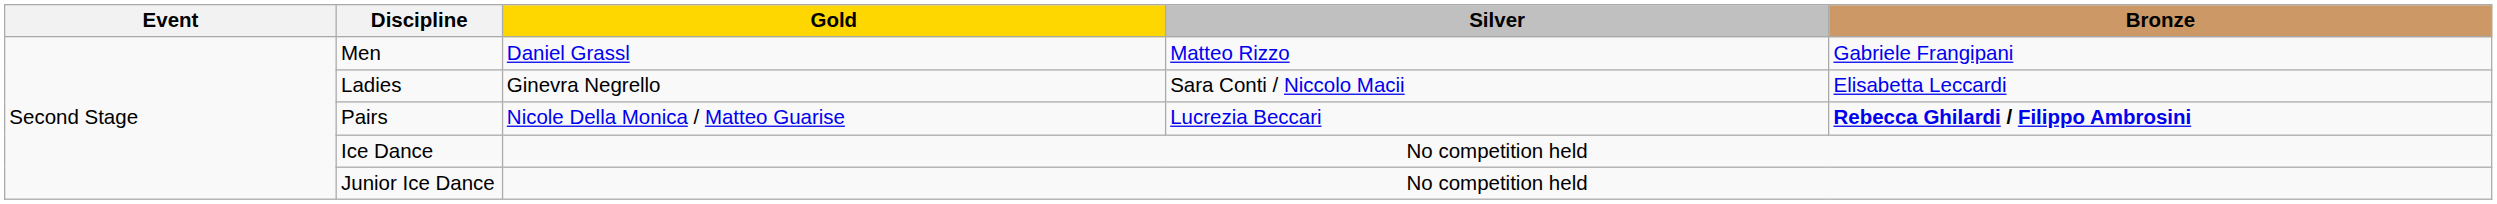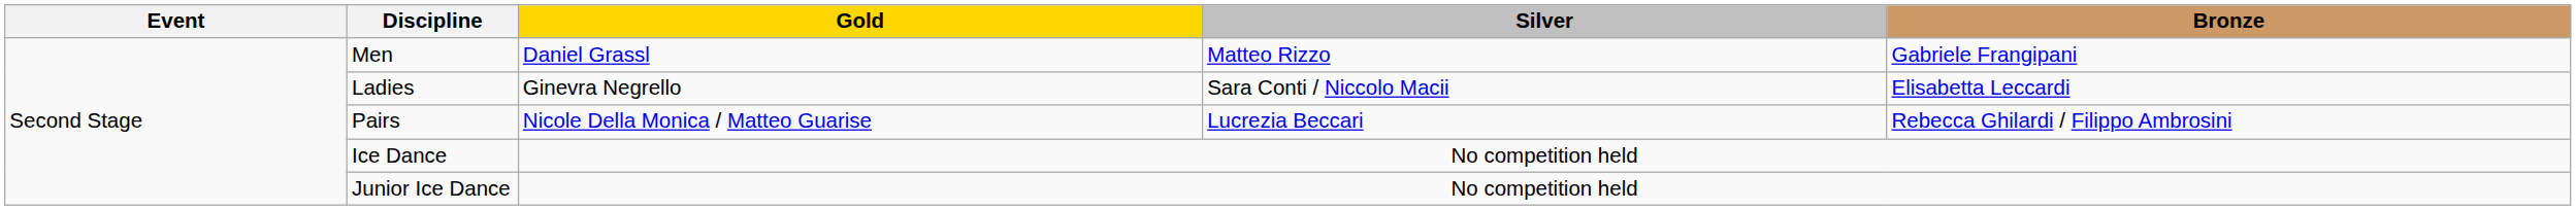 <table class="wikitable" style="width:98%;">
 <tr>
 <th style="width:10%;">Event</th>
 <th style="width:5%;">Discipline</th>
 <td style="text-align:center; width:20%; background:gold;"><strong>Gold</strong></td>
 <td style="text-align:center; width:20%; background:silver;"><strong>Silver</strong></td>
 <td style="text-align:center; width:20%; background:#c96;"><strong>Bronze</strong></td>
 </tr>
 <tr>
 <td rowspan="5">Second Stage</td>
 <td>Men</td>
 <td> <a href='#'>Daniel Grassl</a></td>
 <td> <a href='#'>Matteo Rizzo</a></td>
 <td> <a href='#'>Gabriele Frangipani</a></td>
 </tr>
 <tr>
 <td>Ladies</td>
 <td> Ginevra Negrello</td>
 <td> Sara Conti / <a href='#'>Niccolo Macii</a></td>
 <td> <a href='#'>Elisabetta Leccardi</a></td>
 </tr>
 <tr>
 <td>Pairs</td>
 <td> <a href='#'>Nicole Della Monica</a> / <a href='#'>Matteo Guarise</a></td>
 <td> <a href='#'>Lucrezia Beccari</a></td>
-<td><strong> <a href='#'>Rebecca Ghilardi</a> / <a href='#'>Filippo Ambrosini</a></strong></td>
+<td> <a href='#'>Rebecca Ghilardi</a> / <a href='#'>Filippo Ambrosini</a></td>
 </tr>
 <tr>
 <td>Ice Dance</td>
 <td colspan="3"; style="text-align:center">No competition held</td>
 </tr>
 <tr>
 <td>Junior Ice Dance</td>
 <td colspan="3"; style="text-align:center">No competition held</td>
 </tr>
 </table>
